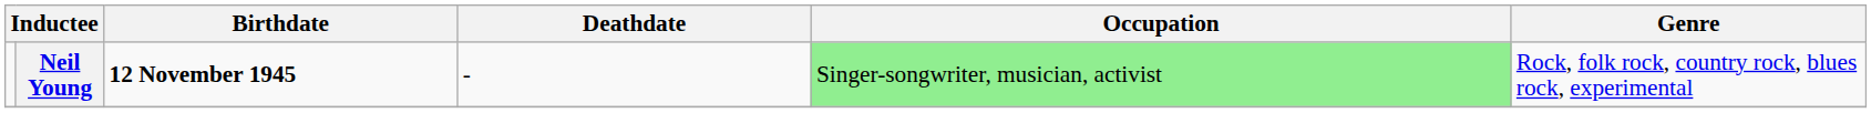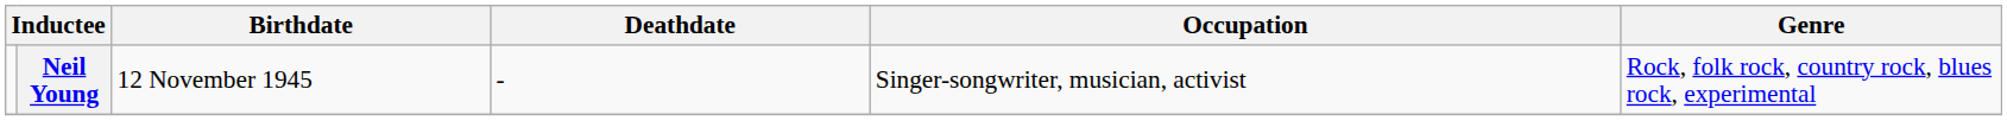 <table class="wikitable" width="100%">
 <tr>
 <th colspan=2>Inductee</th>
 <th width="20%">Birthdate</th>
 <th width="20%">Deathdate</th>
 <th width="40%">Occupation</th>
 <th width="40%">Genre</th>
 </tr>
 <tr>
 <td></td>
 <th><a href='#'>Neil Young</a></th>
-<td><strong>12 November 1945</strong></td>
+<td>12 November 1945</td>
 <td>-</td>
-<td style="background: lightgreen;">Singer-songwriter, musician, activist</td>
+<td>Singer-songwriter, musician, activist</td>
 <td><a href='#'>Rock</a>, <a href='#'>folk rock</a>, <a href='#'>country rock</a>, <a href='#'>blues rock</a>, <a href='#'>experimental</a></td>
 </tr>
 <tr>
 </tr>
 </table>
